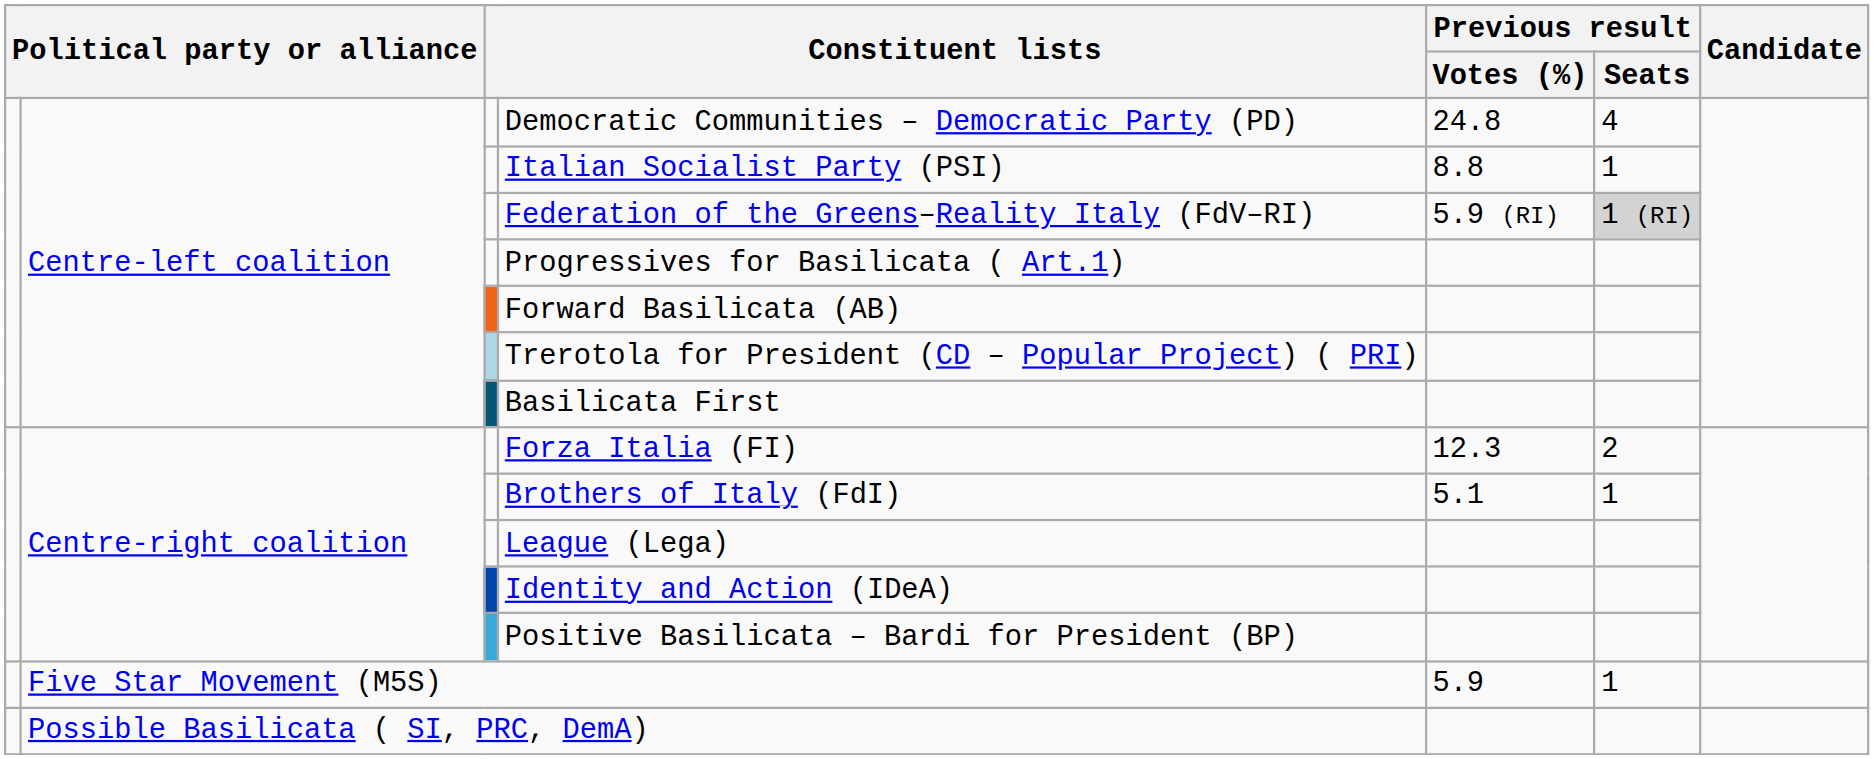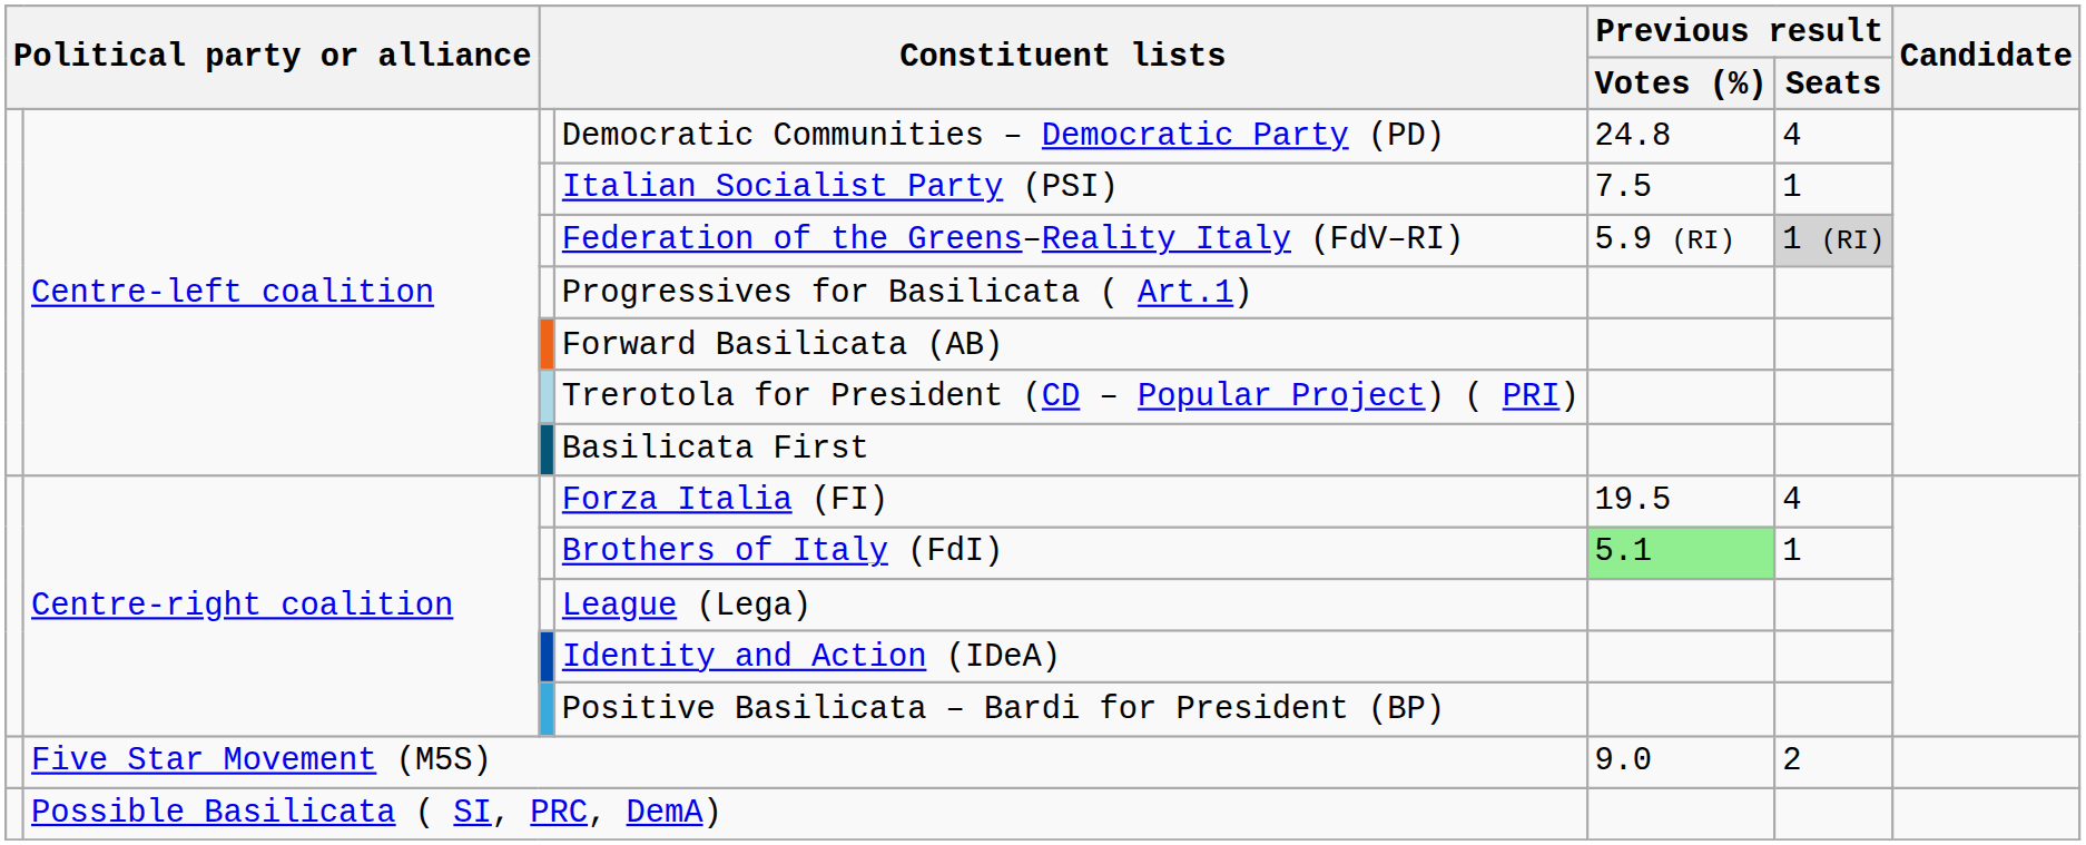 <table class="wikitable" style="text-align:left">
 <tr>
 <th colspan=2 rowspan="2">Political party or alliance</th>
 <th colspan=2 rowspan="2">Constituent lists</th>
 <th colspan="2">Previous result</th>
 <th colspan="2" rowspan="2">Candidate</th>
 </tr>
 <tr>
 <th>Votes (%)</th>
 <th>Seats</th>
 </tr>
 <tr>
 <td rowspan="7"></td>
 <td rowspan=7><a href='#'>Centre-left coalition</a></td>
 <td></td>
 <td style="text-align:left;">Democratic Communities – <a href='#'>Democratic Party</a> (PD)</td>
 <td>24.8</td>
 <td>4</td>
 <td rowspan="7"></td>
 </tr>
 <tr>
 <td style="background-color:"></td>
 <td><a href='#'>Italian Socialist Party</a> (PSI)</td>
-<td>8.8</td>
+<td>7.5</td>
 <td>1</td>
 </tr>
 <tr>
 <td style="background-color:"></td>
 <td><a href='#'>Federation of the Greens</a>–<a href='#'>Reality Italy</a> (FdV–RI)</td>
 <td>5.9 <small>(RI)</small></td>
 <td style="background: lightgrey;">1 <small>(RI)</small></td>
 </tr>
 <tr>
 <td style="background-color:"></td>
 <td>Progressives for Basilicata ( <a href='#'>Art.1</a>)</td>
 <td></td>
 <td></td>
 </tr>
 <tr>
 <td style="background-color:#EE6318"></td>
 <td>Forward Basilicata (AB)</td>
 <td></td>
 <td></td>
 </tr>
 <tr>
 <td style="background-color:lightblue"></td>
 <td>Trerotola for President (<a href='#'>CD</a> – <a href='#'>Popular Project</a>) ( <a href='#'>PRI</a>)</td>
 <td></td>
 <td></td>
 </tr>
 <tr>
 <td style="background-color:#065677"></td>
 <td>Basilicata First</td>
 <td></td>
 <td></td>
 </tr>
 <tr>
 <td rowspan="5" style="background:"></td>
 <td rowspan=5><a href='#'>Centre-right coalition</a></td>
 <td></td>
 <td style="text-align:left;"><a href='#'>Forza Italia</a> (FI)</td>
-<td>12.3</td>
-<td>2</td>
+<td>19.5</td>
+<td>4</td>
 <td rowspan="5"></td>
 </tr>
 <tr>
 <td></td>
 <td style="text-align:left;"><a href='#'>Brothers of Italy</a> (FdI)</td>
-<td>5.1</td>
+<td style="background: lightgreen;">5.1</td>
 <td>1</td>
 </tr>
 <tr>
 <td></td>
 <td style="text-align:left;"><a href='#'>League</a> (Lega)</td>
 <td></td>
 <td></td>
 </tr>
 <tr>
 <td bgcolor="#0045AA"></td>
 <td style="text-align:left;"><a href='#'>Identity and Action</a> (IDeA)</td>
 <td></td>
 <td></td>
 </tr>
 <tr>
 <td bgcolor="#3AA9DC"></td>
 <td style="text-align:left;">Positive Basilicata – Bardi for President (BP)</td>
 <td></td>
 <td></td>
 </tr>
 <tr>
 <td style="background-color:"></td>
 <td colspan="3"><a href='#'>Five Star Movement</a> (M5S)</td>
-<td>5.9</td>
-<td>1</td>
+<td>9.0</td>
+<td>2</td>
 <td></td>
 </tr>
 <tr>
 <td style="background-color:"></td>
 <td colspan="3"><a href='#'>Possible Basilicata</a> ( <a href='#'>SI</a>, <a href='#'>PRC</a>, <a href='#'>DemA</a>)</td>
 <td></td>
 <td></td>
 <td></td>
 </tr>
 </table>
